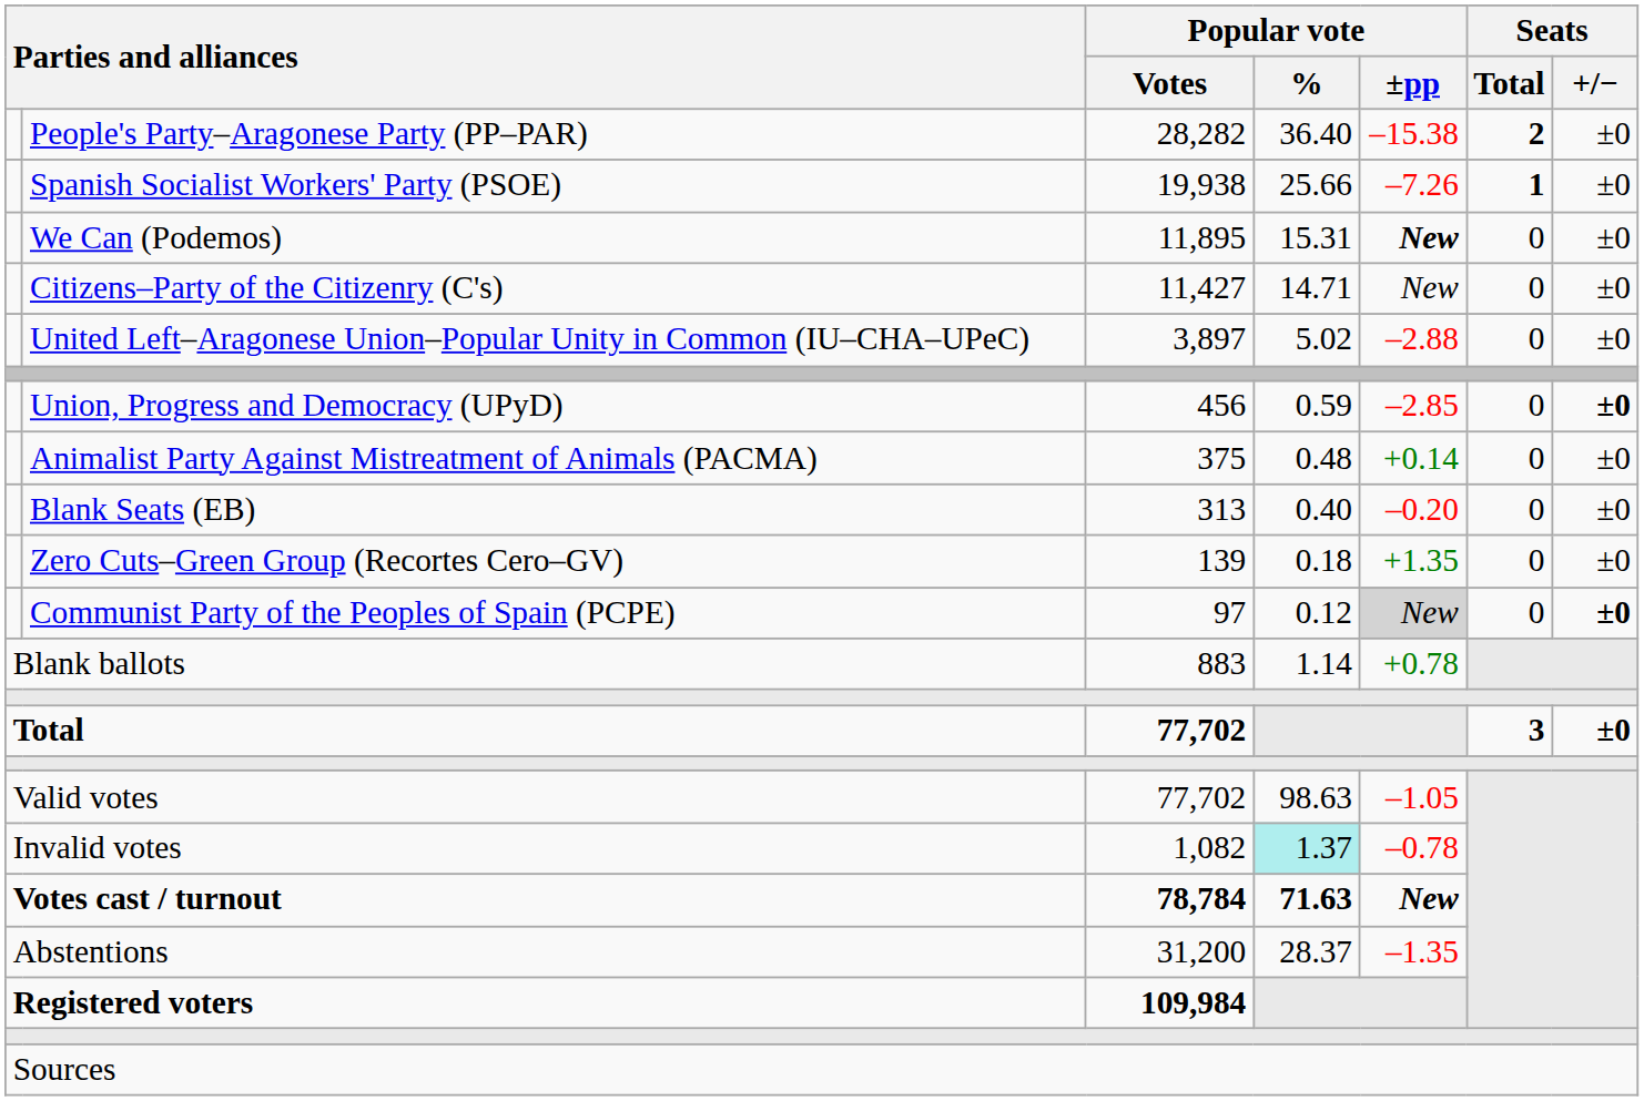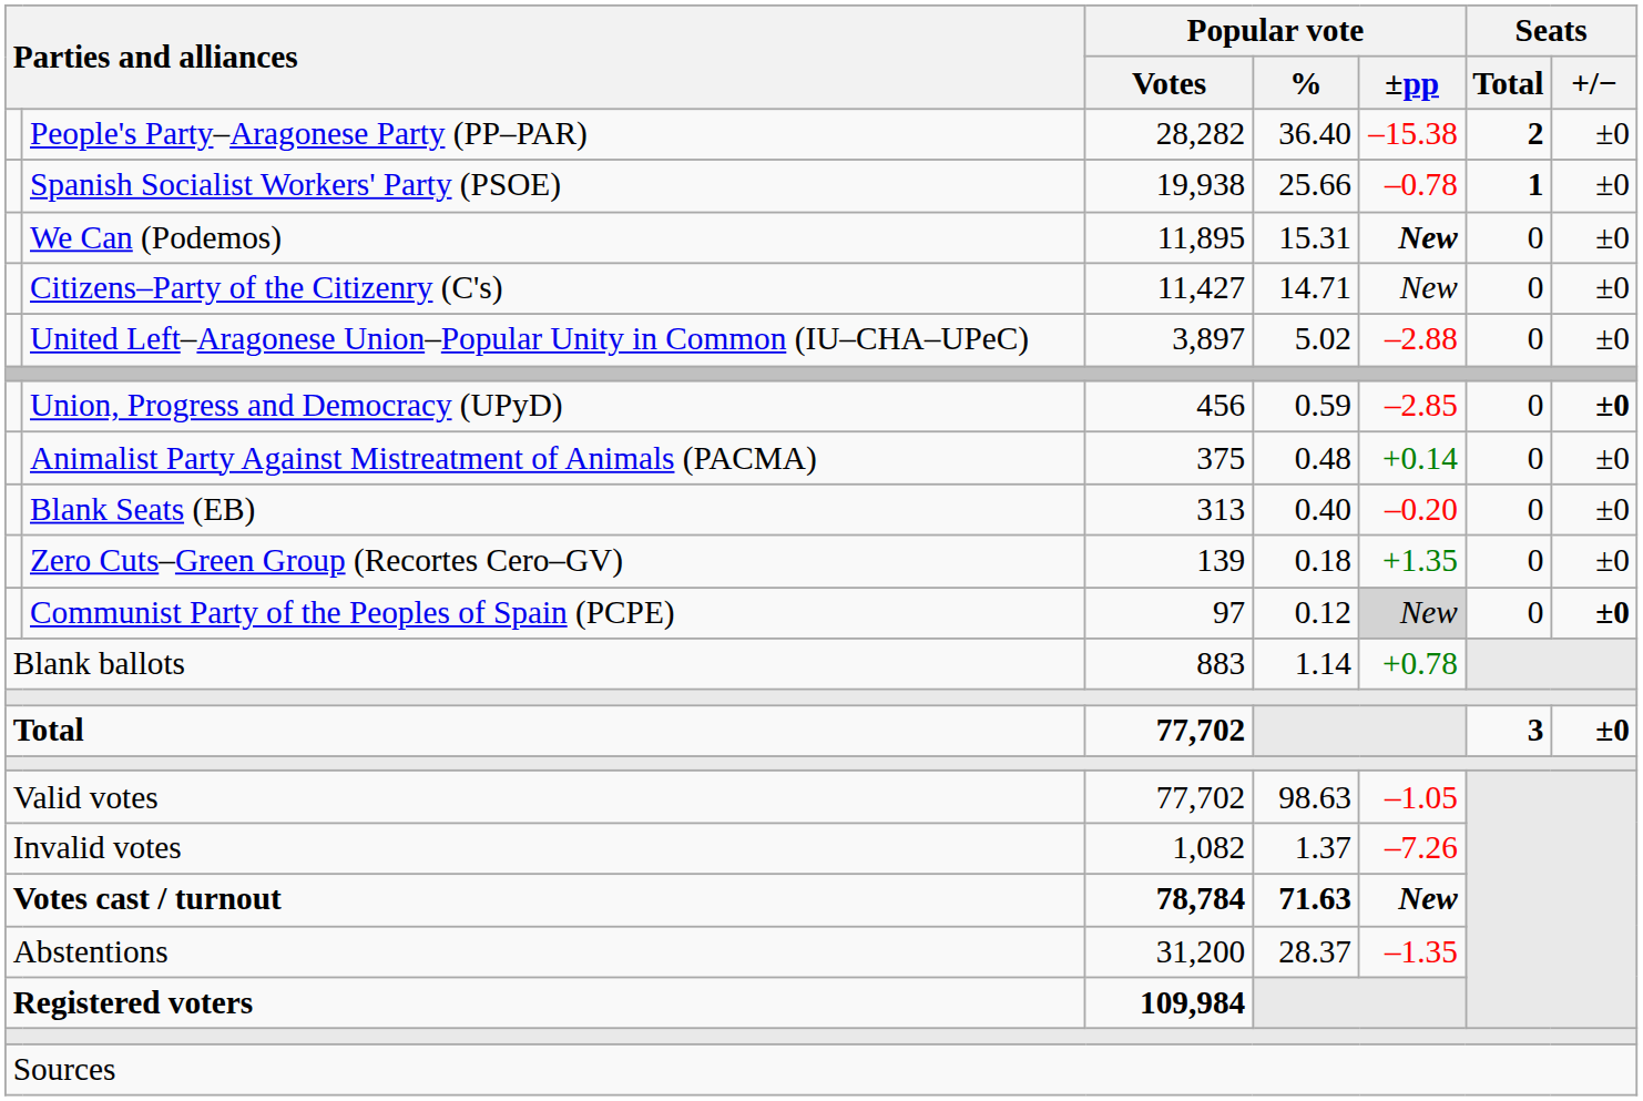 <table class="wikitable" style="text-align:right;">
 <tr>
 <th style="text-align:left;" rowspan="2" colspan="2" width="525">Parties and alliances</th>
 <th colspan="3">Popular vote</th>
 <th colspan="2">Seats</th>
 </tr>
 <tr>
 <th width="75">Votes</th>
 <th width="45">%</th>
 <th width="45">±<a href='#'>pp</a></th>
 <th width="35">Total</th>
 <th width="35">+/−</th>
 </tr>
 <tr>
 <td width="1" style="color:inherit;background:"></td>
 <td align="left"><a href='#'>People's Party</a>–<a href='#'>Aragonese Party</a> (PP–PAR)</td>
 <td>28,282</td>
 <td>36.40</td>
 <td style="color:red;">–15.38</td>
 <td><strong>2</strong></td>
 <td>±0</td>
 </tr>
 <tr>
 <td style="color:inherit;background:"></td>
 <td align="left"><a href='#'>Spanish Socialist Workers' Party</a> (PSOE)</td>
 <td>19,938</td>
 <td>25.66</td>
-<td style="color:red;">–7.26</td>
+<td style="color:red;">–0.78</td>
 <td><strong>1</strong></td>
 <td>±0</td>
 </tr>
 <tr>
 <td style="color:inherit;background:"></td>
 <td align="left"><a href='#'>We Can</a> (Podemos)</td>
 <td>11,895</td>
 <td>15.31</td>
 <td><strong><em>New</em></strong></td>
 <td>0</td>
 <td>±0</td>
 </tr>
 <tr>
 <td style="color:inherit;background:"></td>
 <td align="left"><a href='#'>Citizens–Party of the Citizenry</a> (C's)</td>
 <td>11,427</td>
 <td>14.71</td>
 <td><em>New</em></td>
 <td>0</td>
 <td>±0</td>
 </tr>
 <tr>
 <td style="color:inherit;background:"></td>
 <td align="left"><a href='#'>United Left</a>–<a href='#'>Aragonese Union</a>–<a href='#'>Popular Unity in Common</a> (IU–CHA–UPeC)</td>
 <td>3,897</td>
 <td>5.02</td>
 <td style="color:red;">–2.88</td>
 <td>0</td>
 <td>±0</td>
 </tr>
 <tr>
 <td colspan="7" bgcolor="#C0C0C0"></td>
 </tr>
 <tr>
 <td style="color:inherit;background:"></td>
 <td align="left"><a href='#'>Union, Progress and Democracy</a> (UPyD)</td>
 <td>456</td>
 <td>0.59</td>
 <td style="color:red;">–2.85</td>
 <td>0</td>
 <td><strong>±0</strong></td>
 </tr>
 <tr>
 <td style="color:inherit;background:"></td>
 <td align="left"><a href='#'>Animalist Party Against Mistreatment of Animals</a> (PACMA)</td>
 <td>375</td>
 <td>0.48</td>
 <td style="color:green;">+0.14</td>
 <td>0</td>
 <td>±0</td>
 </tr>
 <tr>
 <td style="color:inherit;background:"></td>
 <td align="left"><a href='#'>Blank Seats</a> (EB)</td>
 <td>313</td>
 <td>0.40</td>
 <td style="color:red;">–0.20</td>
 <td>0</td>
 <td>±0</td>
 </tr>
 <tr>
 <td style="color:inherit;background:"></td>
 <td align="left"><a href='#'>Zero Cuts</a>–<a href='#'>Green Group</a> (Recortes Cero–GV)</td>
 <td>139</td>
 <td>0.18</td>
 <td style="color:green;">+1.35</td>
 <td>0</td>
 <td>±0</td>
 </tr>
 <tr>
 <td style="color:inherit;background:"></td>
 <td align="left"><a href='#'>Communist Party of the Peoples of Spain</a> (PCPE)</td>
 <td>97</td>
 <td>0.12</td>
 <td style="background: lightgrey;"><em>New</em></td>
 <td>0</td>
 <td><strong>±0</strong></td>
 </tr>
 <tr>
 <td align="left" colspan="2">Blank ballots</td>
 <td>883</td>
 <td>1.14</td>
 <td style="color:green;">+0.78</td>
 <td bgcolor="#E9E9E9" colspan="2"></td>
 </tr>
 <tr>
 <td colspan="7" bgcolor="#E9E9E9"></td>
 </tr>
 <tr style="font-weight:bold;">
 <td align="left" colspan="2">Total</td>
 <td>77,702</td>
 <td bgcolor="#E9E9E9" colspan="2"></td>
 <td>3</td>
 <td>±0</td>
 </tr>
 <tr>
 <td colspan="7" bgcolor="#E9E9E9"></td>
 </tr>
 <tr>
 <td align="left" colspan="2">Valid votes</td>
 <td>77,702</td>
 <td>98.63</td>
 <td style="color:red;">–1.05</td>
 <td bgcolor="#E9E9E9" colspan="2" rowspan="5"></td>
 </tr>
 <tr>
 <td align="left" colspan="2">Invalid votes</td>
 <td>1,082</td>
-<td style="background: paleturquoise;">1.37</td>
-<td style="color:red;">–0.78</td>
+<td>1.37</td>
+<td style="color:red;">–7.26</td>
 </tr>
 <tr style="font-weight:bold;">
 <td align="left" colspan="2">Votes cast / turnout</td>
 <td>78,784</td>
 <td>71.63</td>
 <td><em>New</em></td>
 </tr>
 <tr>
 <td align="left" colspan="2">Abstentions</td>
 <td>31,200</td>
 <td>28.37</td>
 <td style="color:red;">–1.35</td>
 </tr>
 <tr style="font-weight:bold;">
 <td align="left" colspan="2">Registered voters</td>
 <td>109,984</td>
 <td bgcolor="#E9E9E9" colspan="2"></td>
 </tr>
 <tr>
 <td colspan="7" bgcolor="#E9E9E9"></td>
 </tr>
 <tr>
 <td align="left" colspan="7">Sources</td>
 </tr>
 </table>
